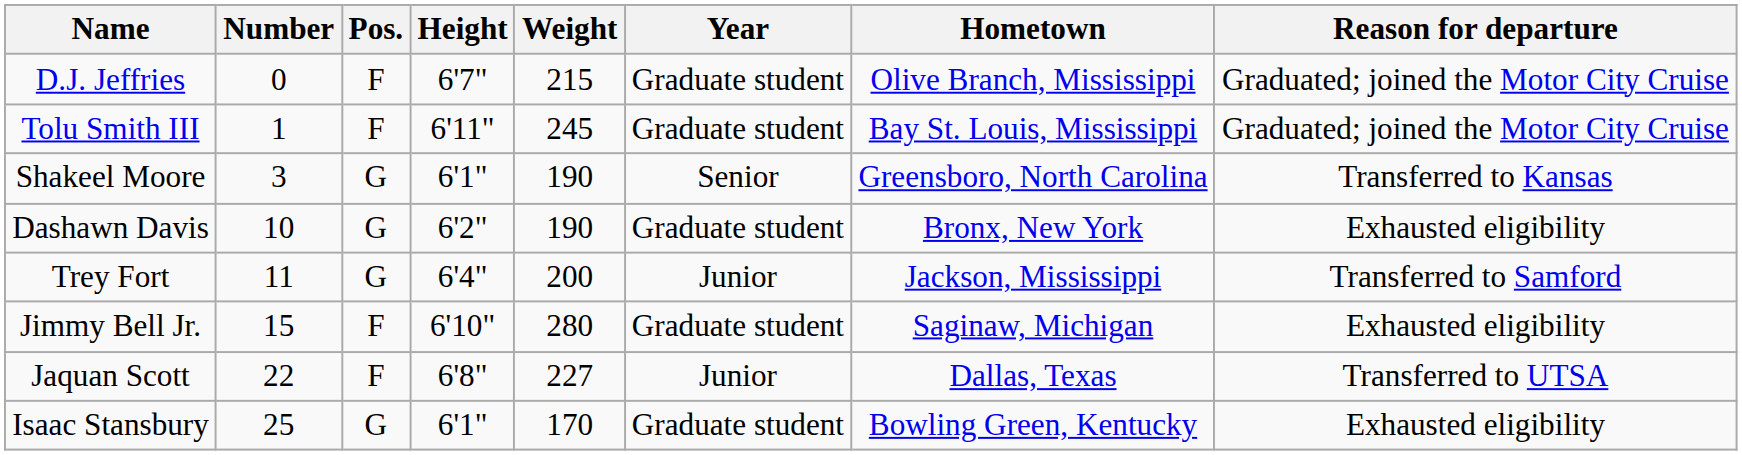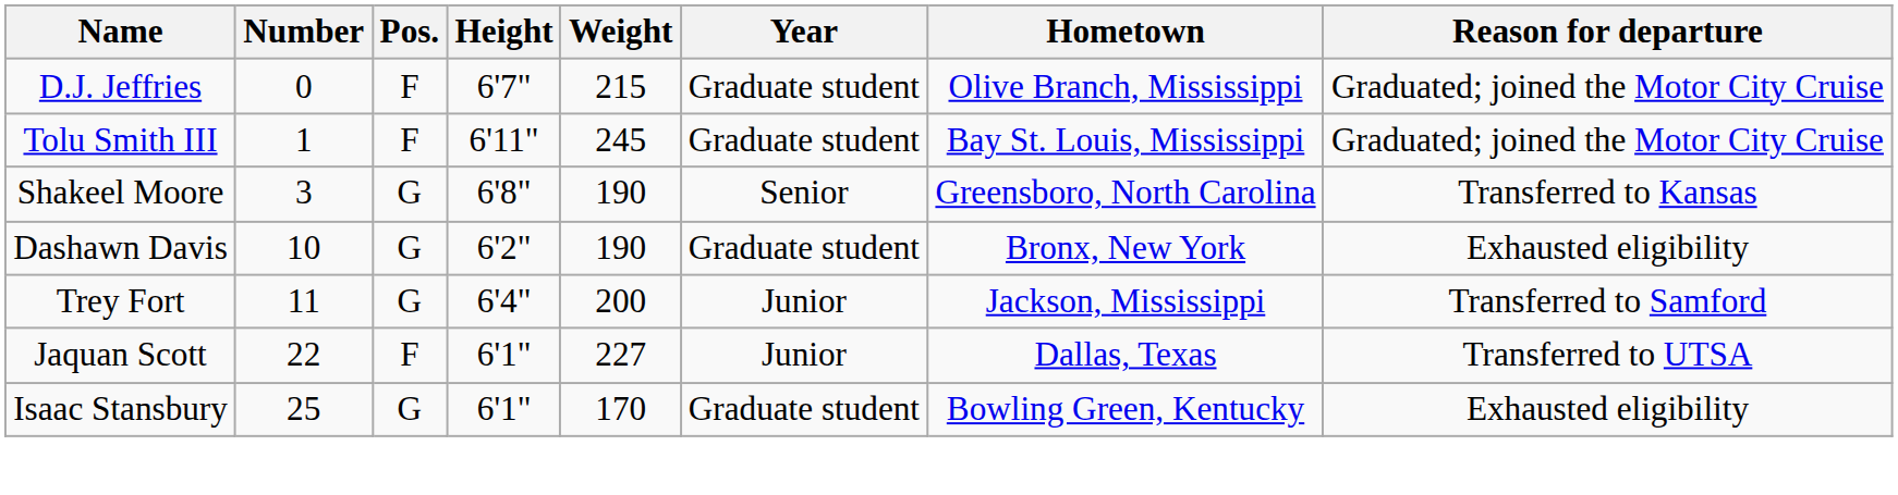 <table class="wikitable sortable" style="text-align:center">
 <tr align=center>
 <th>Name</th>
 <th>Number</th>
 <th>Pos.</th>
 <th>Height</th>
 <th>Weight</th>
 <th>Year</th>
 <th>Hometown</th>
 <th class="unsortable">Reason for departure</th>
 </tr>
 <tr>
 <td><a href='#'>D.J. Jeffries</a></td>
 <td>0</td>
 <td>F</td>
 <td>6'7"</td>
 <td>215</td>
 <td>Graduate student</td>
 <td><a href='#'>Olive Branch, Mississippi</a></td>
 <td>Graduated; joined the <a href='#'>Motor City Cruise</a></td>
 </tr>
 <tr>
 <td><a href='#'>Tolu Smith III</a></td>
 <td>1</td>
 <td>F</td>
 <td>6'11"</td>
 <td>245</td>
 <td>Graduate student</td>
 <td><a href='#'>Bay St. Louis, Mississippi</a></td>
 <td>Graduated; joined the <a href='#'>Motor City Cruise</a></td>
 </tr>
 <tr>
 <td>Shakeel Moore</td>
 <td>3</td>
 <td>G</td>
-<td>6'1"</td>
+<td>6'8"</td>
 <td>190</td>
 <td>Senior</td>
 <td><a href='#'>Greensboro, North Carolina</a></td>
 <td>Transferred to <a href='#'>Kansas</a></td>
 </tr>
 <tr>
 <td>Dashawn Davis</td>
 <td>10</td>
 <td>G</td>
 <td>6'2"</td>
 <td>190</td>
 <td>Graduate student</td>
 <td><a href='#'>Bronx, New York</a></td>
 <td>Exhausted eligibility</td>
 </tr>
 <tr>
 <td>Trey Fort</td>
 <td>11</td>
 <td>G</td>
 <td>6'4"</td>
 <td>200</td>
 <td>Junior</td>
 <td><a href='#'>Jackson, Mississippi</a></td>
 <td>Transferred to <a href='#'>Samford</a></td>
 </tr>
 <tr>
-<td>Jimmy Bell Jr.</td>
-<td>15</td>
-<td>F</td>
-<td>6'10"</td>
-<td>280</td>
-<td>Graduate student</td>
-<td><a href='#'>Saginaw, Michigan</a></td>
-<td>Exhausted eligibility</td>
-</tr>
-<tr>
 <td>Jaquan Scott</td>
 <td>22</td>
 <td>F</td>
-<td>6'8"</td>
+<td>6'1"</td>
 <td>227</td>
 <td>Junior</td>
 <td><a href='#'>Dallas, Texas</a></td>
 <td>Transferred to <a href='#'>UTSA</a></td>
 </tr>
 <tr>
 <td>Isaac Stansbury</td>
 <td>25</td>
 <td>G</td>
 <td>6'1"</td>
 <td>170</td>
 <td>Graduate student</td>
 <td><a href='#'>Bowling Green, Kentucky</a></td>
 <td>Exhausted eligibility</td>
 </tr>
 </table>
